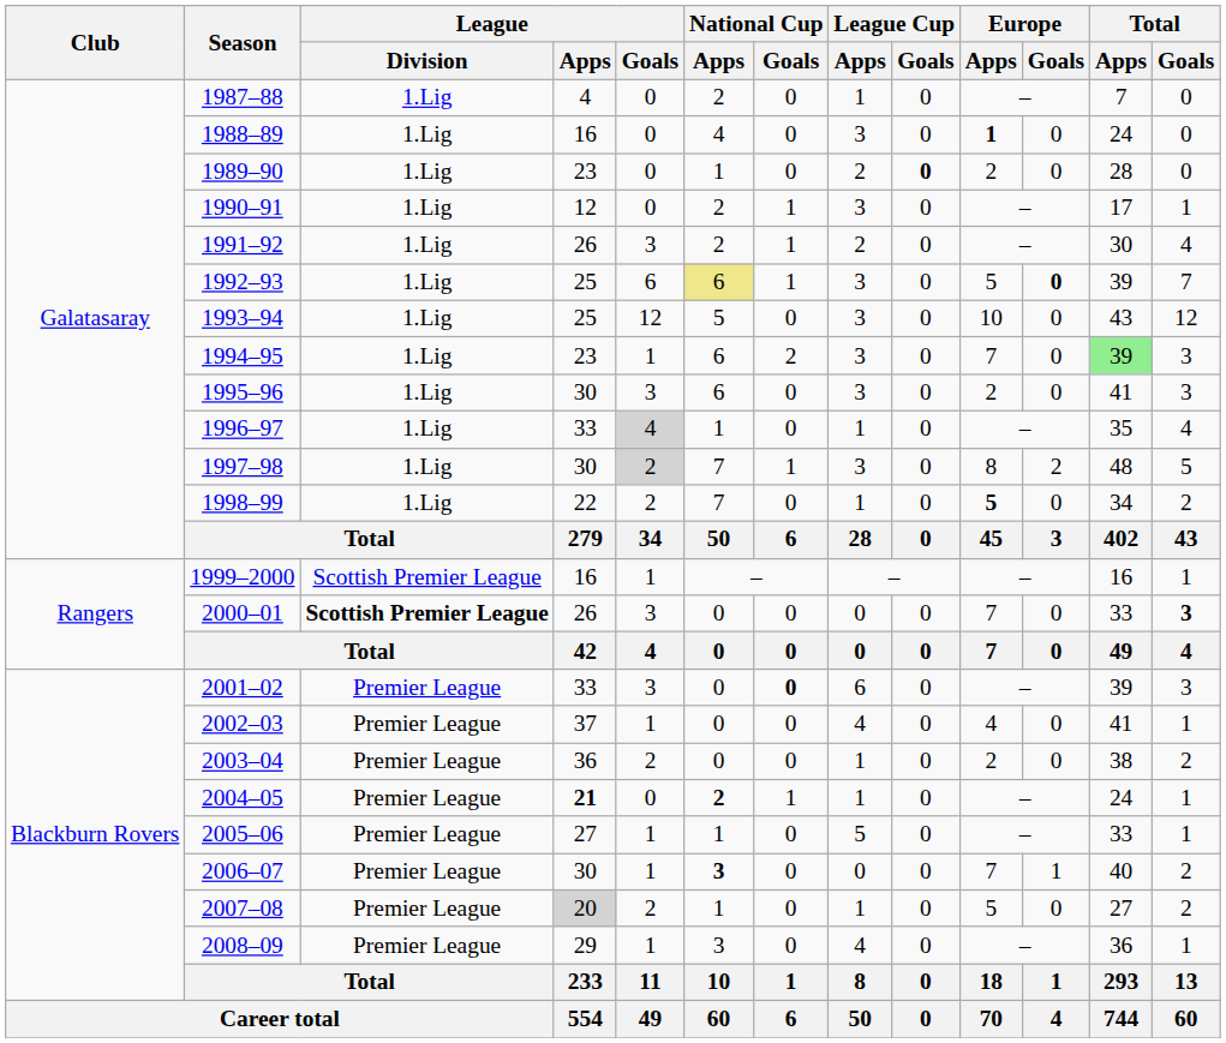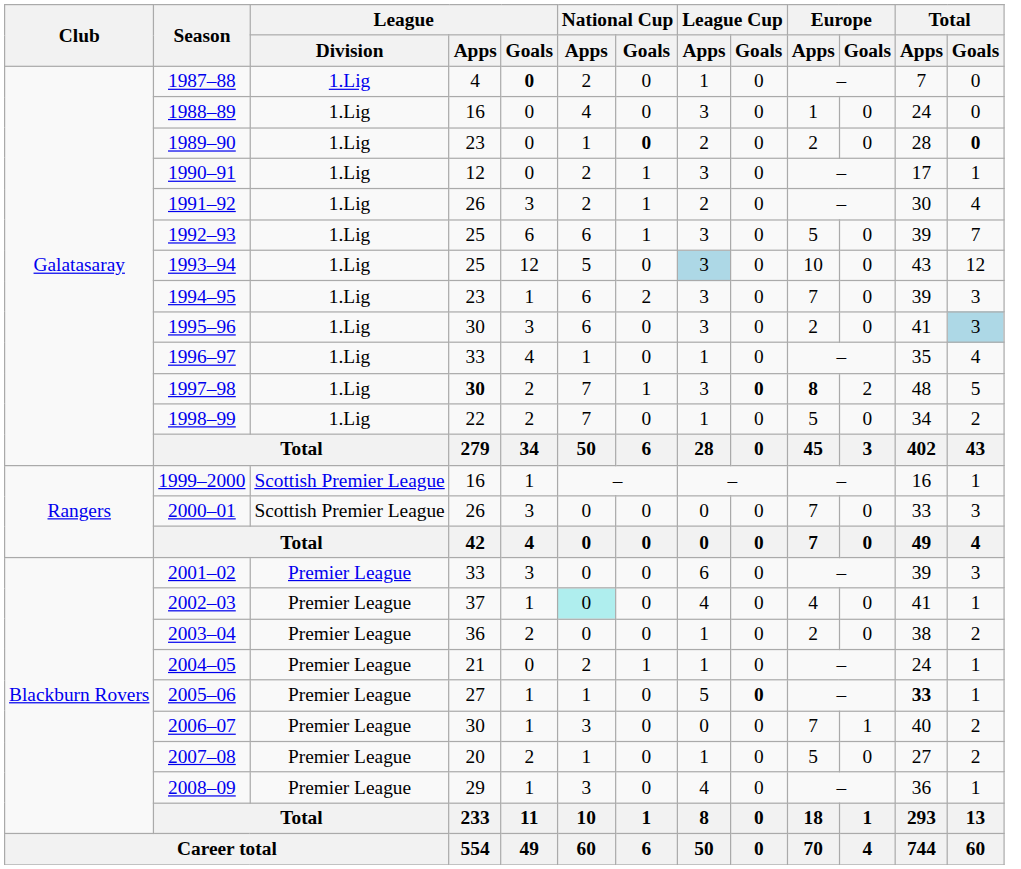 <table class="wikitable" style="text-align:center">
 <tr>
 <th rowspan="2">Club</th>
 <th rowspan="2">Season</th>
 <th colspan="3">League</th>
 <th colspan="2">National Cup</th>
 <th colspan="2">League Cup</th>
 <th colspan="2">Europe</th>
 <th colspan="2">Total</th>
 </tr>
 <tr>
 <th>Division</th>
 <th>Apps</th>
 <th>Goals</th>
 <th>Apps</th>
 <th>Goals</th>
 <th>Apps</th>
 <th>Goals</th>
 <th>Apps</th>
 <th>Goals</th>
 <th>Apps</th>
 <th>Goals</th>
 </tr>
 <tr>
 <td rowspan="13"><a href='#'>Galatasaray</a></td>
 <td><a href='#'>1987–88</a></td>
 <td><a href='#'>1.Lig</a></td>
 <td>4</td>
-<td>0</td>
+<td><strong>0</strong></td>
 <td>2</td>
 <td>0</td>
 <td>1</td>
 <td>0</td>
 <td colspan="2">–</td>
 <td>7</td>
 <td>0</td>
 </tr>
 <tr>
 <td><a href='#'>1988–89</a></td>
 <td>1.Lig</td>
 <td>16</td>
 <td>0</td>
 <td>4</td>
 <td>0</td>
 <td>3</td>
 <td>0</td>
-<td><strong>1</strong></td>
+<td>1</td>
 <td>0</td>
 <td>24</td>
 <td>0</td>
 </tr>
 <tr>
 <td><a href='#'>1989–90</a></td>
 <td>1.Lig</td>
 <td>23</td>
 <td>0</td>
 <td>1</td>
-<td>0</td>
-<td>2</td>
 <td><strong>0</strong></td>
 <td>2</td>
 <td>0</td>
+<td>2</td>
+<td>0</td>
 <td>28</td>
-<td>0</td>
+<td><strong>0</strong></td>
 </tr>
 <tr>
 <td><a href='#'>1990–91</a></td>
 <td>1.Lig</td>
 <td>12</td>
 <td>0</td>
 <td>2</td>
 <td>1</td>
 <td>3</td>
 <td>0</td>
 <td colspan="2">–</td>
 <td>17</td>
 <td>1</td>
 </tr>
 <tr>
 <td><a href='#'>1991–92</a></td>
 <td>1.Lig</td>
 <td>26</td>
 <td>3</td>
 <td>2</td>
 <td>1</td>
 <td>2</td>
 <td>0</td>
 <td colspan="2">–</td>
 <td>30</td>
 <td>4</td>
 </tr>
 <tr>
 <td><a href='#'>1992–93</a></td>
 <td>1.Lig</td>
 <td>25</td>
 <td>6</td>
-<td style="background: khaki;">6</td>
+<td>6</td>
 <td>1</td>
 <td>3</td>
 <td>0</td>
 <td>5</td>
-<td><strong>0</strong></td>
+<td>0</td>
 <td>39</td>
 <td>7</td>
 </tr>
 <tr>
 <td><a href='#'>1993–94</a></td>
 <td>1.Lig</td>
 <td>25</td>
 <td>12</td>
 <td>5</td>
 <td>0</td>
-<td>3</td>
+<td style="background: lightblue;">3</td>
 <td>0</td>
 <td>10</td>
 <td>0</td>
 <td>43</td>
 <td>12</td>
 </tr>
 <tr>
 <td><a href='#'>1994–95</a></td>
 <td>1.Lig</td>
 <td>23</td>
 <td>1</td>
 <td>6</td>
 <td>2</td>
 <td>3</td>
 <td>0</td>
 <td>7</td>
 <td>0</td>
-<td style="background: lightgreen;">39</td>
+<td>39</td>
 <td>3</td>
 </tr>
 <tr>
 <td><a href='#'>1995–96</a></td>
 <td>1.Lig</td>
 <td>30</td>
 <td>3</td>
 <td>6</td>
 <td>0</td>
 <td>3</td>
 <td>0</td>
 <td>2</td>
 <td>0</td>
 <td>41</td>
-<td>3</td>
+<td style="background: lightblue;">3</td>
 </tr>
 <tr>
 <td><a href='#'>1996–97</a></td>
 <td>1.Lig</td>
 <td>33</td>
-<td style="background: lightgrey;">4</td>
+<td>4</td>
 <td>1</td>
 <td>0</td>
 <td>1</td>
 <td>0</td>
 <td colspan="2">–</td>
 <td>35</td>
 <td>4</td>
 </tr>
 <tr>
 <td><a href='#'>1997–98</a></td>
 <td>1.Lig</td>
-<td>30</td>
-<td style="background: lightgrey;">2</td>
+<td><strong>30</strong></td>
+<td>2</td>
 <td>7</td>
 <td>1</td>
 <td>3</td>
-<td>0</td>
-<td>8</td>
+<td><strong>0</strong></td>
+<td><strong>8</strong></td>
 <td>2</td>
 <td>48</td>
 <td>5</td>
 </tr>
 <tr>
 <td><a href='#'>1998–99</a></td>
 <td>1.Lig</td>
 <td>22</td>
 <td>2</td>
 <td>7</td>
 <td>0</td>
 <td>1</td>
 <td>0</td>
-<td><strong>5</strong></td>
+<td>5</td>
 <td>0</td>
 <td>34</td>
 <td>2</td>
 </tr>
 <tr>
 <th colspan="2">Total</th>
 <th>279</th>
 <th>34</th>
 <th>50</th>
 <th>6</th>
 <th>28</th>
 <th>0</th>
 <th>45</th>
 <th>3</th>
 <th>402</th>
 <th>43</th>
 </tr>
 <tr>
 <td rowspan="3"><a href='#'>Rangers</a></td>
 <td><a href='#'>1999–2000</a></td>
 <td><a href='#'>Scottish Premier League</a></td>
 <td>16</td>
 <td>1</td>
 <td colspan="2">–</td>
 <td colspan="2">–</td>
 <td colspan="2">–</td>
 <td>16</td>
 <td>1</td>
 </tr>
 <tr>
 <td><a href='#'>2000–01</a></td>
-<td><strong>Scottish Premier League</strong></td>
+<td>Scottish Premier League</td>
 <td>26</td>
 <td>3</td>
 <td>0</td>
 <td>0</td>
 <td>0</td>
 <td>0</td>
 <td>7</td>
 <td>0</td>
 <td>33</td>
-<td><strong>3</strong></td>
+<td>3</td>
 </tr>
 <tr>
 <th colspan="2">Total</th>
 <th>42</th>
 <th>4</th>
 <th>0</th>
 <th>0</th>
 <th>0</th>
 <th>0</th>
 <th>7</th>
 <th>0</th>
 <th>49</th>
 <th>4</th>
 </tr>
 <tr>
 <td rowspan="9"><a href='#'>Blackburn Rovers</a></td>
 <td><a href='#'>2001–02</a></td>
 <td><a href='#'>Premier League</a></td>
 <td>33</td>
 <td>3</td>
 <td>0</td>
-<td><strong>0</strong></td>
+<td>0</td>
 <td>6</td>
 <td>0</td>
 <td colspan="2">–</td>
 <td>39</td>
 <td>3</td>
 </tr>
 <tr>
 <td><a href='#'>2002–03</a></td>
 <td>Premier League</td>
 <td>37</td>
 <td>1</td>
-<td>0</td>
+<td style="background: paleturquoise;">0</td>
 <td>0</td>
 <td>4</td>
 <td>0</td>
 <td>4</td>
 <td>0</td>
 <td>41</td>
 <td>1</td>
 </tr>
 <tr>
 <td><a href='#'>2003–04</a></td>
 <td>Premier League</td>
 <td>36</td>
 <td>2</td>
 <td>0</td>
 <td>0</td>
 <td>1</td>
 <td>0</td>
 <td>2</td>
 <td>0</td>
 <td>38</td>
 <td>2</td>
 </tr>
 <tr>
 <td><a href='#'>2004–05</a></td>
 <td>Premier League</td>
-<td><strong>21</strong></td>
+<td>21</td>
 <td>0</td>
-<td><strong>2</strong></td>
+<td>2</td>
 <td>1</td>
 <td>1</td>
 <td>0</td>
 <td colspan="2">–</td>
 <td>24</td>
 <td>1</td>
 </tr>
 <tr>
 <td><a href='#'>2005–06</a></td>
 <td>Premier League</td>
 <td>27</td>
 <td>1</td>
 <td>1</td>
 <td>0</td>
 <td>5</td>
-<td>0</td>
+<td><strong>0</strong></td>
 <td colspan="2">–</td>
-<td>33</td>
+<td><strong>33</strong></td>
 <td>1</td>
 </tr>
 <tr>
 <td><a href='#'>2006–07</a></td>
 <td>Premier League</td>
 <td>30</td>
 <td>1</td>
-<td><strong>3</strong></td>
+<td>3</td>
 <td>0</td>
 <td>0</td>
 <td>0</td>
 <td>7</td>
 <td>1</td>
 <td>40</td>
 <td>2</td>
 </tr>
 <tr>
 <td><a href='#'>2007–08</a></td>
 <td>Premier League</td>
-<td style="background: lightgrey;">20</td>
+<td>20</td>
 <td>2</td>
 <td>1</td>
 <td>0</td>
 <td>1</td>
 <td>0</td>
 <td>5</td>
 <td>0</td>
 <td>27</td>
 <td>2</td>
 </tr>
 <tr>
 <td><a href='#'>2008–09</a></td>
 <td>Premier League</td>
 <td>29</td>
 <td>1</td>
 <td>3</td>
 <td>0</td>
 <td>4</td>
 <td>0</td>
 <td colspan="2">–</td>
 <td>36</td>
 <td>1</td>
 </tr>
 <tr>
 <th colspan="2">Total</th>
 <th>233</th>
 <th>11</th>
 <th>10</th>
 <th>1</th>
 <th>8</th>
 <th>0</th>
 <th>18</th>
 <th>1</th>
 <th>293</th>
 <th>13</th>
 </tr>
 <tr>
 <th colspan="3">Career total</th>
 <th>554</th>
 <th>49</th>
 <th>60</th>
 <th>6</th>
 <th>50</th>
 <th>0</th>
 <th>70</th>
 <th>4</th>
 <th>744</th>
 <th>60</th>
 </tr>
 </table>
